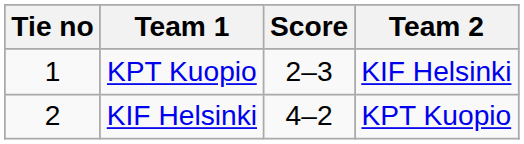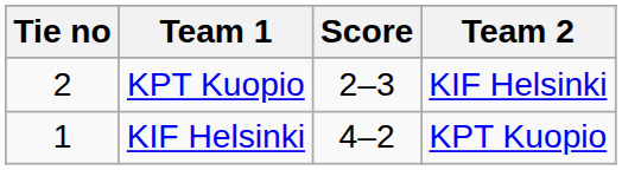 <table class="wikitable" style="text-align:center">
 <tr>
 <th style= width="40px">Tie no</th>
 <th style= width="150px">Team 1</th>
 <th style= width="60px">Score</th>
 <th style= width="150px">Team 2</th>
 </tr>
 <tr>
-<td>1</td>
+<td>2</td>
 <td><a href='#'>KPT Kuopio</a></td>
 <td>2–3</td>
 <td><a href='#'>KIF Helsinki</a></td>
 </tr>
 <tr>
-<td>2</td>
+<td>1</td>
 <td><a href='#'>KIF Helsinki</a></td>
 <td>4–2</td>
 <td><a href='#'>KPT Kuopio</a></td>
 </tr>
 </table>
